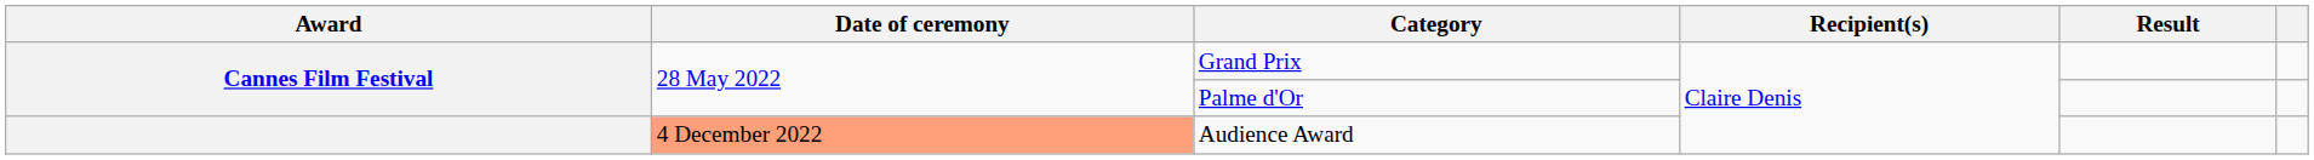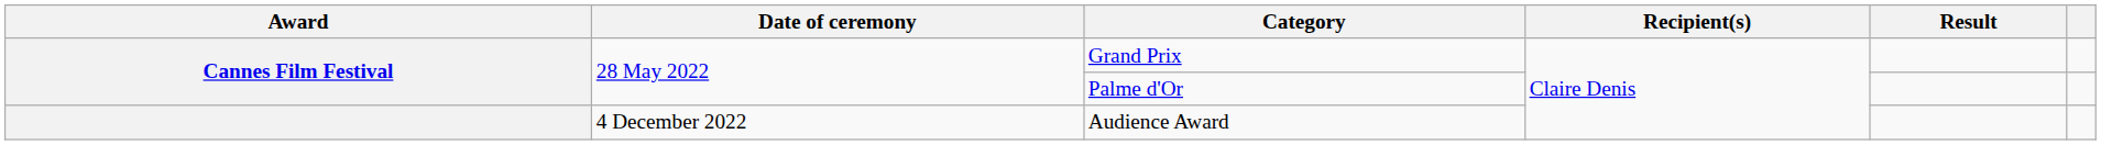 <table class="wikitable sortable plainrowheaders" style="width: 100%;">
 <tr>
 <th scope="col">Award</th>
 <th scope="col">Date of ceremony</th>
 <th scope="col">Category</th>
 <th scope="col">Recipient(s)</th>
 <th scope="col">Result</th>
 <th scope="col" class="unsortable"></th>
 </tr>
 <tr>
 <th scope="row" rowspan="2"><a href='#'>Cannes Film Festival</a></th>
 <td rowspan="2"><a href='#'>28 May 2022</a></td>
 <td><a href='#'>Grand Prix</a></td>
 <td rowspan="3"><a href='#'>Claire Denis</a></td>
 <td></td>
 <td align="center"></td>
 </tr>
 <tr>
 <td><a href='#'>Palme d'Or</a></td>
 <td></td>
 <td align="center"></td>
 </tr>
 <tr>
 <th scope="row"></th>
-<td style="background: lightsalmon;">4 December 2022</td>
+<td>4 December 2022</td>
 <td>Audience Award</td>
 <td></td>
 <td align="center"></td>
 </tr>
 </table>
